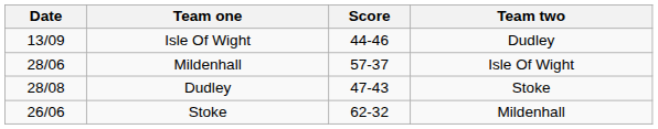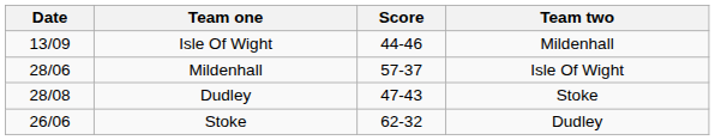 <table class="wikitable" style="text-align: center">
 <tr>
 <th width=80>Date</th>
 <th width=250>Team one</th>
 <th width=80>Score</th>
 <th width=250>Team two</th>
 </tr>
 <tr>
 <td>13/09</td>
 <td>Isle Of Wight</td>
 <td>44-46</td>
-<td>Dudley</td>
+<td>Mildenhall</td>
 </tr>
 <tr>
 <td>28/06</td>
 <td>Mildenhall</td>
 <td>57-37</td>
 <td>Isle Of Wight</td>
 </tr>
 <tr>
 <td>28/08</td>
 <td>Dudley</td>
 <td>47-43</td>
 <td>Stoke</td>
 </tr>
 <tr>
 <td>26/06</td>
 <td>Stoke</td>
 <td>62-32</td>
-<td>Mildenhall</td>
+<td>Dudley</td>
 </tr>
 </table>
